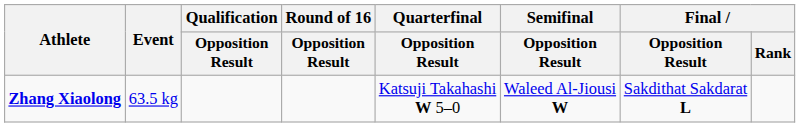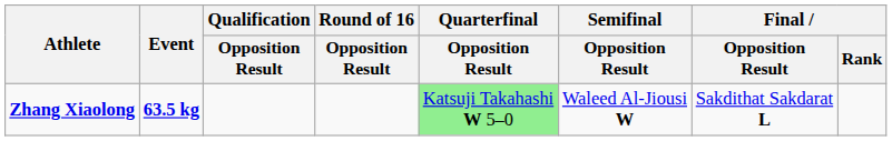 <table class="wikitable" style="font-size:90%">
 <tr>
 <th rowspan=2>Athlete</th>
 <th rowspan=2>Event</th>
 <th>Qualification</th>
 <th>Round of 16</th>
 <th>Quarterfinal</th>
 <th>Semifinal</th>
 <th colspan=2>Final / </th>
 </tr>
 <tr style="font-size: 95%">
 <th>Opposition<br>Result</th>
 <th>Opposition<br>Result</th>
 <th>Opposition<br>Result</th>
 <th>Opposition<br>Result</th>
 <th>Opposition<br>Result</th>
 <th>Rank</th>
 </tr>
 <tr align=center>
 <td align=left><strong><a href='#'>Zhang Xiaolong</a></strong></td>
-<td align=left><a href='#'>63.5 kg</a></td>
+<td align=left><strong><a href='#'>63.5 kg</a></strong></td>
 <td></td>
 <td></td>
-<td> <a href='#'>Katsuji Takahashi</a><br><strong>W</strong> 5–0</td>
+<td style="background: lightgreen;"> <a href='#'>Katsuji Takahashi</a><br><strong>W</strong> 5–0</td>
 <td> <a href='#'>Waleed Al-Jiousi</a><br><strong>W</strong></td>
 <td> <a href='#'>Sakdithat Sakdarat</a><br><strong>L</strong></td>
 </tr>
 </table>
